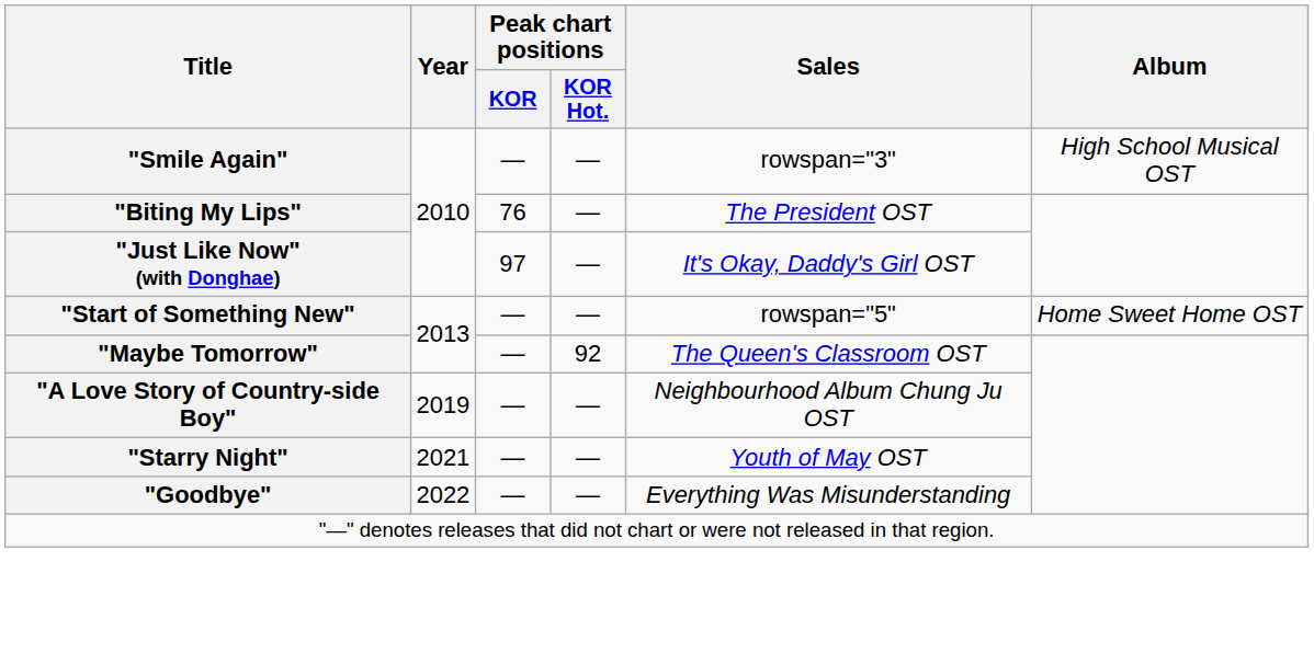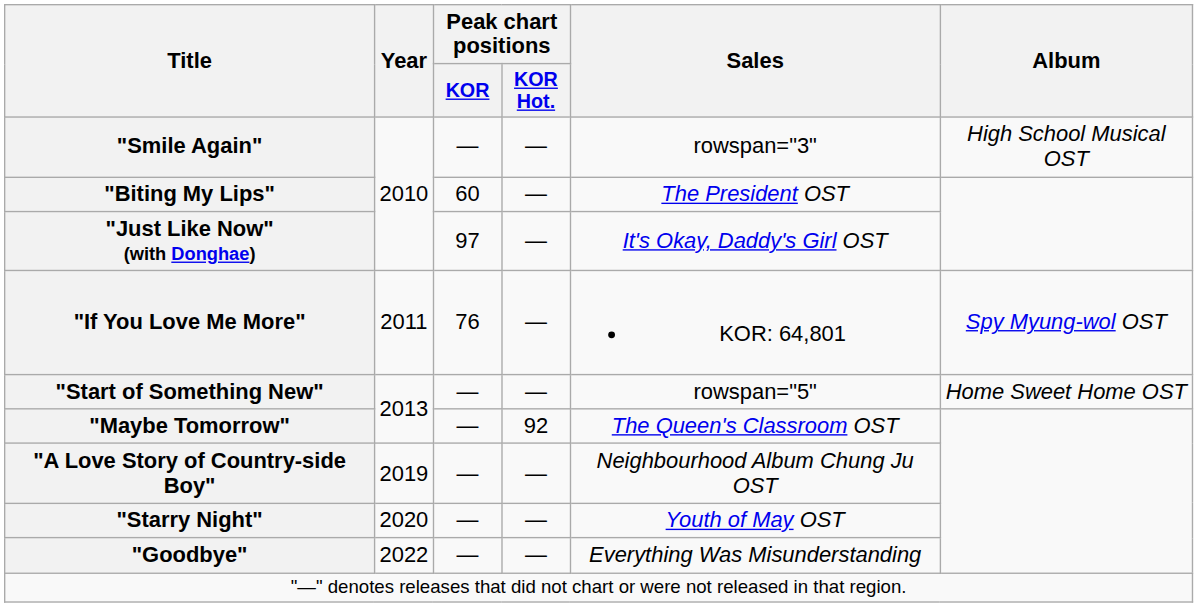 <table class="wikitable plainrowheaders" style="text-align:center;">
 <tr>
 <th scope="col" rowspan="2">Title</th>
 <th scope="col" rowspan="2">Year</th>
 <th scope="col" colspan="2">Peak chart<br>positions</th>
 <th scope="col" rowspan="2">Sales<br></th>
 <th scope="col" rowspan="2">Album</th>
 </tr>
 <tr>
 <th style="width:3em;font-size:90%"><a href='#'>KOR</a><br></th>
 <th style="width:3em;font-size:90%;"><a href='#'>KOR<br>Hot.</a><br></th>
 </tr>
 <tr>
 <th scope="row">"Smile Again"</th>
 <td rowspan="3">2010</td>
 <td>—</td>
 <td>—</td>
 <td>rowspan="3" </td>
 <td><em>High School Musical OST</em></td>
 </tr>
 <tr>
 <th scope="row">"Biting My Lips" <br></th>
-<td>76</td>
+<td>60</td>
 <td>—</td>
 <td><em><a href='#'>The President</a> OST</em></td>
 </tr>
 <tr>
 <th scope="row">"Just Like Now" <br><small>(with <a href='#'>Donghae</a>)</small></th>
 <td>97</td>
 <td>—</td>
 <td><em><a href='#'>It's Okay, Daddy's Girl</a> OST</em></td>
+</tr>
+<tr>
+<th scope="row">"If You Love Me More"</th>
+<td>2011</td>
+<td>76</td>
+<td>—</td>
+<td><br><ul><li>KOR: 64,801</li></ul></td>
+<td><em><a href='#'>Spy Myung-wol</a> OST</em></td>
 </tr>
 <tr>
 <th scope="row">"Start of Something New"<br></th>
 <td rowspan="2">2013</td>
 <td>—</td>
 <td>—</td>
 <td>rowspan="5" </td>
 <td><em>Home Sweet Home OST</em></td>
 </tr>
 <tr>
 <th scope="row">"Maybe Tomorrow"</th>
 <td>—</td>
 <td>92</td>
 <td><em><a href='#'>The Queen's Classroom</a> OST</em></td>
 </tr>
 <tr>
 <th scope="row">"A Love Story of Country-side Boy"</th>
 <td>2019</td>
 <td>—</td>
 <td>—</td>
 <td><em>Neighbourhood Album Chung Ju OST</em></td>
 </tr>
 <tr>
 <th scope="row">"Starry Night"</th>
-<td>2021</td>
+<td>2020</td>
 <td>—</td>
 <td>—</td>
 <td><em><a href='#'>Youth of May</a> OST</em></td>
 </tr>
 <tr>
 <th scope="row">"Goodbye"</th>
 <td>2022</td>
 <td>—</td>
 <td>—</td>
 <td><em>Everything Was Misunderstanding</em></td>
 </tr>
 <tr>
 <td colspan="6" style="font-size:85%">"—" denotes releases that did not chart or were not released in that region.</td>
 </tr>
 </table>
